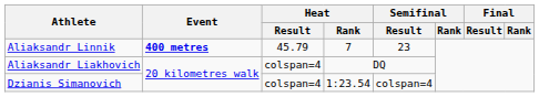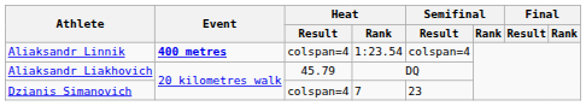 <table class="wikitable" style="font-size:90%">
 <tr>
 <th rowspan="2">Athlete</th>
 <th rowspan="2">Event</th>
 <th colspan="2">Heat</th>
 <th colspan="2">Semifinal</th>
 <th colspan="2">Final</th>
 </tr>
 <tr style="font-size:95%">
 <th>Result</th>
 <th>Rank</th>
 <th>Result</th>
 <th>Rank</th>
 <th>Result</th>
 <th>Rank</th>
 </tr>
 <tr style=text-align:center>
 <td style=text-align:left><a href='#'>Aliaksandr Linnik</a></td>
 <td style=text-align:left><strong><a href='#'>400 metres</a></strong></td>
-<td>45.79</td>
-<td>7</td>
-<td>23</td>
+<td>colspan=4 </td>
+<td>1:23.54</td>
+<td>colspan=4 </td>
 </tr>
 <tr style=text-align:center>
 <td style=text-align:left><a href='#'>Aliaksandr Liakhovich</a></td>
 <td style=text-align:left rowspan=2><a href='#'>20 kilometres walk</a></td>
-<td>colspan=4 </td>
+<td>45.79</td>
 <td colspan=2>DQ</td>
 </tr>
 <tr align:center>
 <td style=text-align:left><a href='#'>Dzianis Simanovich</a></td>
 <td>colspan=4 </td>
-<td>1:23.54</td>
-<td>colspan=4 </td>
+<td>7</td>
+<td>23</td>
 </tr>
 </table>
